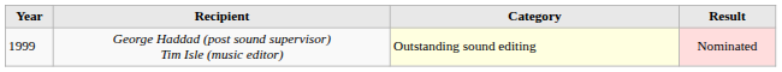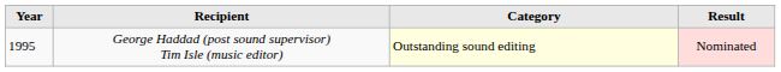 <table class="wikitable plainrowheaders" style="width:65%; font-size:90%;">
 <tr>
 <th style="width:5%; background:#E8E8E8;">Year</th>
 <th style="width:35%; background:#E8E8E8;">Recipient</th>
 <th style="width:30%; background:#E8E8E8;">Category</th>
 <th style="width:10%; background:#E8E8E8;">Result</th>
 </tr>
 <tr>
-<td>1999</td>
+<td>1995</td>
 <td align="center"><em>George Haddad (post sound supervisor)</em><br><em>Tim Isle (music editor)</em></td>
 <td style="background: lightyellow;">Outstanding sound editing</td>
 <td style="background: #ffdddd" align="center" class="table-yes2">Nominated</td>
 </tr>
 </table>
